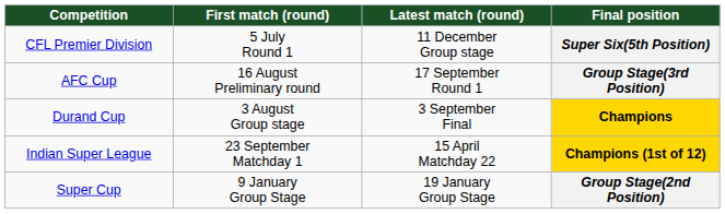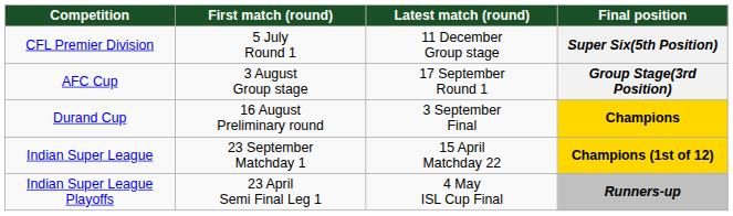 <table class="wikitable" style="text-align:center; width:850px;">
 <tr>
 <th style="text-align:center; width:150px; background:#1A5026; color:#FFFFFF; ">Competition</th>
 <th style="text-align:center; width:170px; background:#1A5026; color:#FFFFFF; ">First match (round)</th>
 <th style="text-align:center; width:170px; background:#1A5026; color:#FFFFFF; ">Latest match (round)</th>
 <th style="text-align:center; width:150px; background:#1A5026; color:#FFFFFF; ">Final position</th>
 </tr>
 <tr>
 <td><a href='#'>CFL Premier Division</a></td>
 <td>5 July <br> Round 1</td>
 <td>11 December<br> Group stage</td>
 <th><em>Super Six(5th Position)</em></th>
 </tr>
 <tr>
 <td style="text-align:center;"><a href='#'>AFC Cup</a></td>
-<td>16 August<br>Preliminary round</td>
+<td>3 August <br> Group stage</td>
 <td>17 September <br> Round 1</td>
 <th><em>Group Stage(3rd Position)</em></th>
 </tr>
 <tr>
 <td style="text-align:center;"><a href='#'>Durand Cup</a></td>
-<td>3 August <br> Group stage</td>
+<td>16 August<br>Preliminary round</td>
 <td>3 September <br> Final</td>
 <th style="background:Gold"><strong>Champions</strong></th>
 </tr>
 <tr>
 <td style="text-align:center;"><a href='#'>Indian Super League</a></td>
 <td>23 September <br> Matchday 1</td>
 <td>15 April <br> Matchday 22</td>
 <th style="background:Gold"><strong>Champions (1st of 12)</strong></th>
 </tr>
 <tr>
-<td style="text-align:center;"><a href='#'>Super Cup</a></td>
-<td>9 January<br>Group Stage</td>
-<td>19 January<br>Group Stage</td>
-<th><em>Group Stage(2nd Position)</em></th>
+<td style="text-align:center;"><a href='#'>Indian Super League Playoffs</a></td>
+<td>23 April <br> Semi Final Leg 1</td>
+<td>4 May <br> ISL Cup Final</td>
+<th style="background:Silver"><em>Runners-up</em></th>
 </tr>
 </table>
